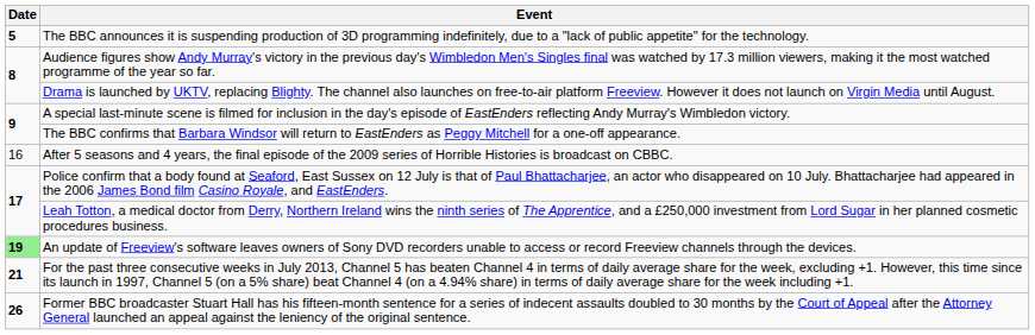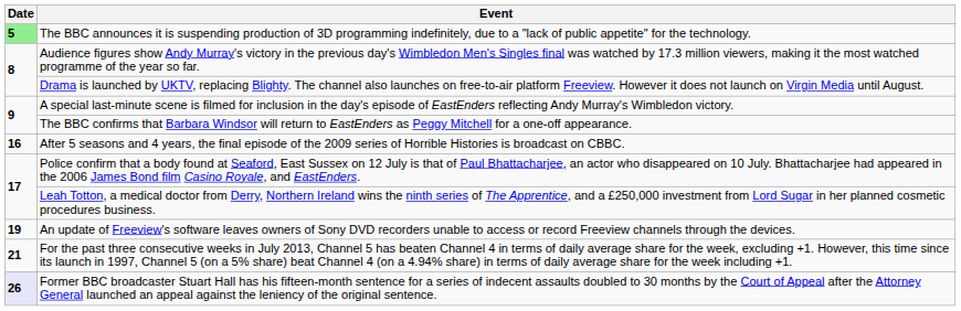 <table class="wikitable">
 <tr>
 <th>Date</th>
 <th>Event</th>
 </tr>
 <tr>
-<td><strong>5</strong></td>
+<td style="background: lightgreen;"><strong>5</strong></td>
 <td>The BBC announces it is suspending production of 3D programming indefinitely, due to a "lack of public appetite" for the technology.</td>
 </tr>
 <tr>
 <td rowspan=2><strong>8</strong></td>
 <td>Audience figures show <a href='#'>Andy Murray</a>'s victory in the previous day's <a href='#'>Wimbledon Men's Singles final</a> was watched by 17.3 million viewers, making it the most watched programme of the year so far.</td>
 </tr>
 <tr>
 <td><a href='#'>Drama</a> is launched by <a href='#'>UKTV</a>, replacing <a href='#'>Blighty</a>. The channel also launches on free-to-air platform <a href='#'>Freeview</a>. However it does not launch on <a href='#'>Virgin Media</a> until August.</td>
 </tr>
 <tr>
 <td rowspan=2><strong>9</strong></td>
 <td>A special last-minute scene is filmed for inclusion in the day's episode of <em>EastEnders</em> reflecting Andy Murray's Wimbledon victory.</td>
 </tr>
 <tr>
 <td>The BBC confirms that <a href='#'>Barbara Windsor</a> will return to <em>EastEnders</em> as <a href='#'>Peggy Mitchell</a> for a one-off appearance.</td>
 </tr>
 <tr>
-<td>16</td>
+<td><strong>16</strong></td>
 <td>After 5 seasons and 4 years, the final episode of the 2009 series of Horrible Histories is broadcast on CBBC.</td>
 </tr>
 <tr>
 <td rowspan=2><strong>17</strong></td>
 <td>Police confirm that a body found at <a href='#'>Seaford</a>, East Sussex on 12 July is that of <a href='#'>Paul Bhattacharjee</a>, an actor who disappeared on 10 July. Bhattacharjee had appeared in the 2006 <a href='#'>James Bond film</a> <em><a href='#'>Casino Royale</a></em>, and <em><a href='#'>EastEnders</a></em>.</td>
 </tr>
 <tr>
 <td><a href='#'>Leah Totton</a>, a medical doctor from <a href='#'>Derry</a>, <a href='#'>Northern Ireland</a> wins the <a href='#'>ninth series</a> of <em><a href='#'>The Apprentice</a></em>, and a £250,000 investment from <a href='#'>Lord Sugar</a> in her planned cosmetic procedures business.</td>
 </tr>
 <tr>
-<td style="background: lightgreen;"><strong>19</strong></td>
+<td><strong>19</strong></td>
 <td>An update of <a href='#'>Freeview</a>'s software leaves owners of Sony DVD recorders unable to access or record Freeview channels through the devices.</td>
 </tr>
 <tr>
 <td><strong>21</strong></td>
 <td>For the past three consecutive weeks in July 2013, Channel 5 has beaten Channel 4 in terms of daily average share for the week, excluding +1. However, this time since its launch in 1997, Channel 5 (on a 5% share) beat Channel 4 (on a 4.94% share) in terms of daily average share for the week including +1.</td>
 </tr>
 <tr>
-<td><strong>26</strong></td>
+<td style="background: lavender;"><strong>26</strong></td>
 <td>Former BBC broadcaster Stuart Hall has his fifteen-month sentence for a series of indecent assaults doubled to 30 months by the <a href='#'>Court of Appeal</a> after the <a href='#'>Attorney General</a> launched an appeal against the leniency of the original sentence.</td>
 </tr>
 </table>
